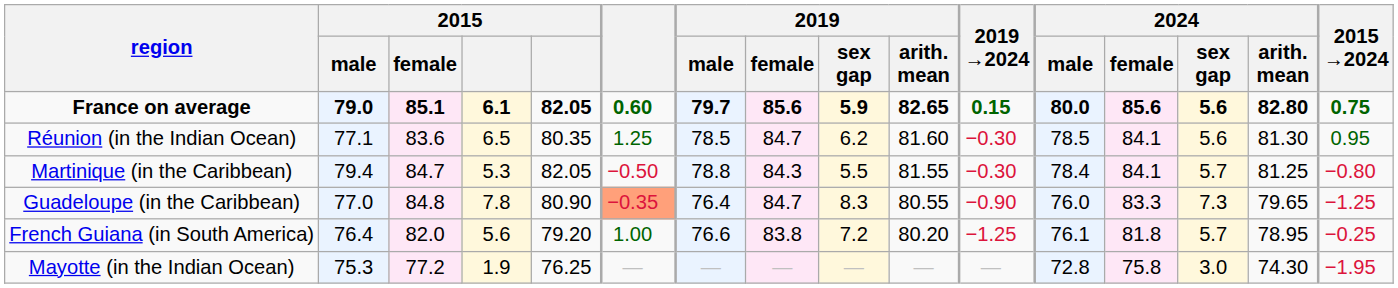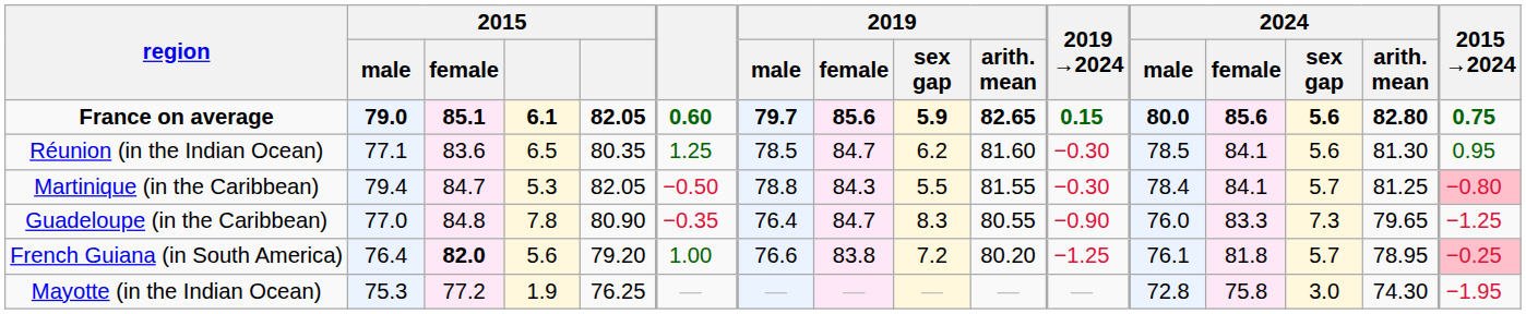 <table class="wikitable sortable mw-datatable static-row-numbers sort-under col1left col6right col11right col16right" style="text-align:center;">
 <tr>
 <th rowspan=2 style="vertical-align:middle;"><a href='#'>region</a></th>
 <th colspan=4>2015</th>
 <th rowspan=2 style="vertical-align:middle;border-left-width:2px;"></th>
 <th colspan=4 style="border-left-width:2px;">2019</th>
 <th rowspan=2 style="vertical-align:middle;border-left-width:2px;">2019<br>→2024</th>
 <th colspan=4 style="border-left-width:2px;">2024</th>
 <th rowspan=2 style="vertical-align:middle;border-left-width:2px;">2015<br>→2024</th>
 </tr>
 <tr>
 <th style="vertical-align:middle;width:3em;">male</th>
 <th style="vertical-align:middle;width:3em;">female</th>
 <th style="vertical-align:middle;width:3em;"></th>
 <th style="width:3em;"></th>
 <th style="vertical-align:middle;width:3em;border-left-width:2px;">male</th>
 <th style="vertical-align:middle;width:3em;">female</th>
 <th style="vertical-align:middle;width:3em;">sex gap</th>
 <th style="width:3em;">arith. mean</th>
 <th style="vertical-align:middle;width:3em;border-left-width:2px;">male</th>
 <th style="vertical-align:middle;width:3em;">female</th>
 <th style="vertical-align:middle;width:3em;">sex gap</th>
 <th style="width:3em;">arith. mean</th>
 </tr>
 <tr class=static-row-header>
 <td><strong>France on average</strong></td>
 <td style="background:#eaf3ff;"><strong>79.0</strong></td>
 <td style="background:#fee7f6;"><strong>85.1</strong></td>
 <td style="background:#fff8dc;"><strong>6.1</strong></td>
 <td><strong>82.05</strong></td>
 <td style="padding-right:1.5ex;color:darkgreen;border-left-width:2px;"><strong>0.60</strong></td>
 <td style="background:#eaf3ff;border-left-width:2px;"><strong>79.7</strong></td>
 <td style="background:#fee7f6;"><strong>85.6</strong></td>
 <td style="background:#fff8dc;"><strong>5.9</strong></td>
 <td><strong>82.65</strong></td>
 <td style="padding-right:1.5ex;color:darkgreen;border-left-width:2px;"><strong>0.15</strong></td>
 <td style="background:#eaf3ff;border-left-width:2px;"><strong>80.0</strong></td>
 <td style="background:#fee7f6;"><strong>85.6</strong></td>
 <td style="background:#fff8dc;"><strong>5.6</strong></td>
 <td><strong>82.80</strong></td>
 <td style="padding-right:1.5ex;color:darkgreen;border-left-width:2px;"><strong>0.75</strong></td>
 </tr>
 <tr>
 <td><a href='#'>Réunion</a> (in the Indian Ocean)</td>
 <td style="background:#eaf3ff;">77.1</td>
 <td style="background:#fee7f6;">83.6</td>
 <td style="background:#fff8dc;">6.5</td>
 <td>80.35</td>
 <td style="padding-right:1.5ex;color:darkgreen;border-left-width:2px;">1.25</td>
 <td style="background:#eaf3ff;border-left-width:2px;">78.5</td>
 <td style="background:#fee7f6;">84.7</td>
 <td style="background:#fff8dc;">6.2</td>
 <td>81.60</td>
 <td style="padding-right:1.5ex;color:crimson;border-left-width:2px;">−0.30</td>
 <td style="background:#eaf3ff;border-left-width:2px;">78.5</td>
 <td style="background:#fee7f6;">84.1</td>
 <td style="background:#fff8dc;">5.6</td>
 <td>81.30</td>
 <td style="padding-right:1.5ex;color:darkgreen;border-left-width:2px;">0.95</td>
 </tr>
 <tr>
 <td><a href='#'>Martinique</a> (in the Caribbean)</td>
 <td style="background:#eaf3ff;">79.4</td>
 <td style="background:#fee7f6;">84.7</td>
 <td style="background:#fff8dc;">5.3</td>
 <td>82.05</td>
 <td style="padding-right:1.5ex;color:crimson;border-left-width:2px;">−0.50</td>
 <td style="background:#eaf3ff;border-left-width:2px;">78.8</td>
 <td style="background:#fee7f6;">84.3</td>
 <td style="background:#fff8dc;">5.5</td>
 <td>81.55</td>
 <td style="padding-right:1.5ex;color:crimson;border-left-width:2px;">−0.30</td>
 <td style="background:#eaf3ff;border-left-width:2px;">78.4</td>
 <td style="background:#fee7f6;">84.1</td>
 <td style="background:#fff8dc;">5.7</td>
 <td>81.25</td>
-<td style="padding-right:1.5ex;color:crimson;border-left-width:2px;">−0.80</td>
+<td style="background: pink; padding-right:1.5ex;color:crimson;border-left-width:2px;">−0.80</td>
 </tr>
 <tr>
 <td><a href='#'>Guadeloupe</a> (in the Caribbean)</td>
 <td style="background:#eaf3ff;">77.0</td>
 <td style="background:#fee7f6;">84.8</td>
 <td style="background:#fff8dc;">7.8</td>
 <td>80.90</td>
-<td style="background: lightsalmon; padding-right:1.5ex;color:crimson;border-left-width:2px;">−0.35</td>
+<td style="padding-right:1.5ex;color:crimson;border-left-width:2px;">−0.35</td>
 <td style="background:#eaf3ff;border-left-width:2px;">76.4</td>
 <td style="background:#fee7f6;">84.7</td>
 <td style="background:#fff8dc;">8.3</td>
 <td>80.55</td>
 <td style="padding-right:1.5ex;color:crimson;border-left-width:2px;">−0.90</td>
 <td style="background:#eaf3ff;border-left-width:2px;">76.0</td>
 <td style="background:#fee7f6;">83.3</td>
 <td style="background:#fff8dc;">7.3</td>
 <td>79.65</td>
 <td style="padding-right:1.5ex;color:crimson;border-left-width:2px;">−1.25</td>
 </tr>
 <tr>
 <td><a href='#'>French Guiana</a> (in South America)</td>
 <td style="background:#eaf3ff;">76.4</td>
-<td style="background:#fee7f6;">82.0</td>
+<td style="background:#fee7f6;"><strong>82.0</strong></td>
 <td style="background:#fff8dc;">5.6</td>
 <td>79.20</td>
 <td style="padding-right:1.5ex;color:darkgreen;border-left-width:2px;">1.00</td>
 <td style="background:#eaf3ff;border-left-width:2px;">76.6</td>
 <td style="background:#fee7f6;">83.8</td>
 <td style="background:#fff8dc;">7.2</td>
 <td>80.20</td>
 <td style="padding-right:1.5ex;color:crimson;border-left-width:2px;">−1.25</td>
 <td style="background:#eaf3ff;border-left-width:2px;">76.1</td>
 <td style="background:#fee7f6;">81.8</td>
 <td style="background:#fff8dc;">5.7</td>
 <td>78.95</td>
-<td style="padding-right:1.5ex;color:crimson;border-left-width:2px;">−0.25</td>
+<td style="background: pink; padding-right:1.5ex;color:crimson;border-left-width:2px;">−0.25</td>
 </tr>
 <tr>
 <td><a href='#'>Mayotte</a> (in the Indian Ocean)</td>
 <td style="background:#eaf3ff;">75.3</td>
 <td style="background:#fee7f6;">77.2</td>
 <td style="background:#fff8dc;">1.9</td>
 <td>76.25</td>
 <td style="padding-right:1.5ex;border-left-width:2px;color:silver;">—</td>
 <td style="background:#eaf3ff;border-left-width:2px;color:silver;">—</td>
 <td style="background:#fee7f6;color:silver;">—</td>
 <td style="background:#fff8dc;color:silver;">—</td>
 <td style="color:silver;">—</td>
 <td style="padding-right:1.5ex;border-left-width:2px;color:silver;">—</td>
 <td style="background:#eaf3ff;border-left-width:2px;">72.8</td>
 <td style="background:#fee7f6;">75.8</td>
 <td style="background:#fff8dc;">3.0</td>
 <td>74.30</td>
 <td style="padding-right:1.5ex;color:crimson;border-left-width:2px;">−1.95</td>
 </tr>
 </table>
